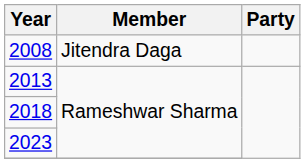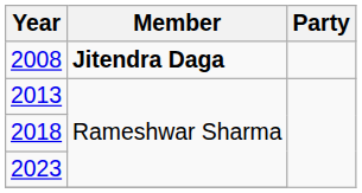 <table class="wikitable sortable">
 <tr>
 <th>Year</th>
 <th>Member</th>
 <th colspan="2">Party</th>
 </tr>
 <tr>
 <td><a href='#'>2008</a></td>
-<td>Jitendra Daga</td>
+<td><strong>Jitendra Daga</strong></td>
 <td></td>
 </tr>
 <tr>
 <td><a href='#'>2013</a></td>
 <td rowspan=3>Rameshwar Sharma</td>
 </tr>
 <tr>
 <td><a href='#'>2018</a></td>
 </tr>
 <tr>
 <td><a href='#'>2023</a></td>
 </tr>
 <tr>
 </tr>
 </table>
